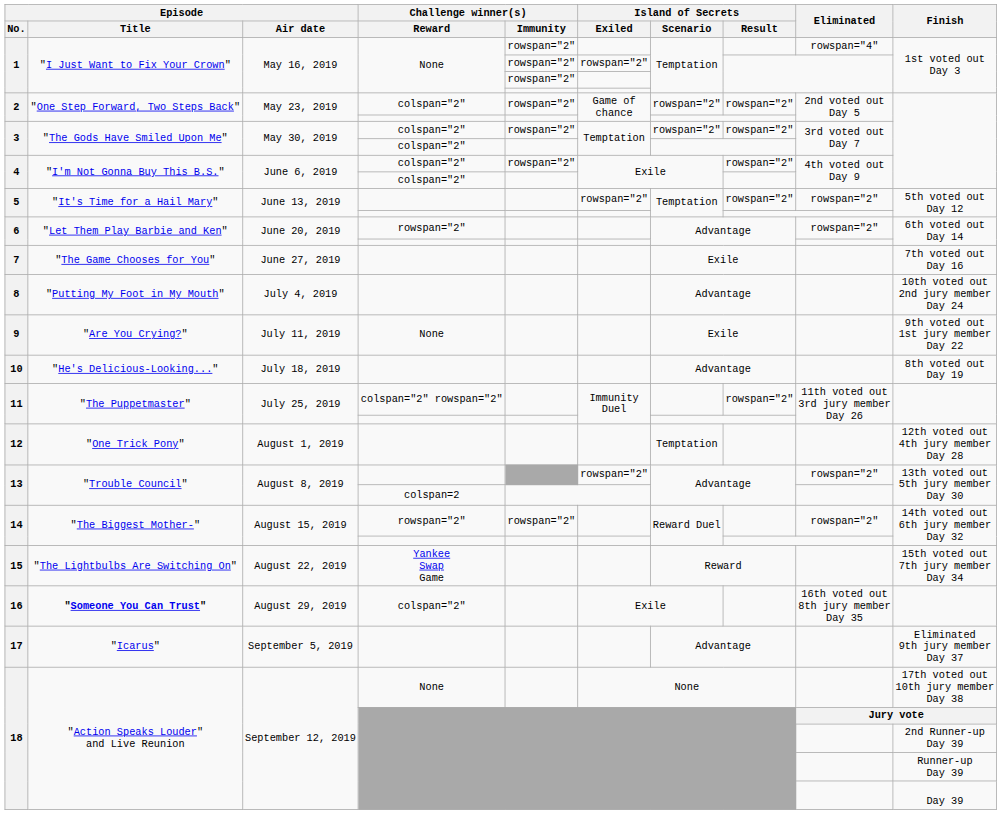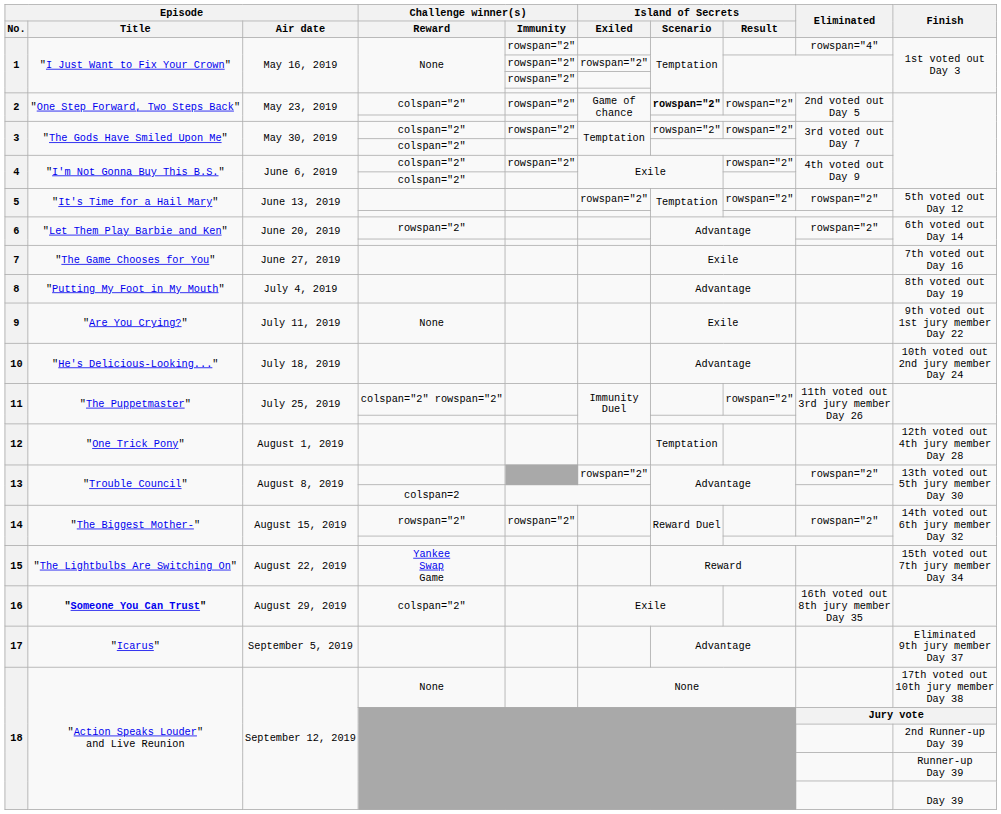 <table class="wikitable" style="margin:auto; text-align:center">
 <tr>
 <th colspan=3>Episode</th>
 <th colspan=2>Challenge winner(s)</th>
 <th colspan="3">Island of Secrets</th>
 <th rowspan="2">Eliminated</th>
 <th rowspan="2">Finish</th>
 </tr>
 <tr>
 <th>No.</th>
 <th>Title</th>
 <th>Air date</th>
 <th>Reward</th>
 <th>Immunity</th>
 <th>Exiled</th>
 <th>Scenario</th>
 <th>Result</th>
 </tr>
 <tr>
 <th rowspan="4">1</th>
 <td rowspan="4">"<a href='#'>I Just Want to Fix Your Crown</a>"</td>
 <td rowspan="4">May 16, 2019</td>
 <td rowspan="4">None</td>
 <td>rowspan="2" </td>
 <td></td>
 <td rowspan="4">Temptation</td>
 <td></td>
 <td>rowspan="4" </td>
 <td rowspan="4">1st voted out<br>Day 3</td>
 </tr>
 <tr>
 <td>rowspan="2" </td>
 <td>rowspan="2" </td>
 </tr>
 <tr>
 <td>rowspan="2" </td>
 </tr>
 <tr>
 <td></td>
 <td></td>
 </tr>
 <tr>
 <th rowspan="2">2</th>
 <td rowspan="2">"<a href='#'>One Step Forward, Two Steps Back</a>"</td>
 <td rowspan="2">May 23, 2019</td>
 <td>colspan="2" </td>
 <td>rowspan="2" </td>
 <td rowspan="2">Game of<br>chance</td>
-<td>rowspan="2" </td>
+<td><strong>rowspan="2" </strong></td>
 <td>rowspan="2" </td>
 <td rowspan="2">2nd voted out<br>Day 5</td>
 </tr>
 <tr>
 <td></td>
 <td></td>
 </tr>
 <tr>
 <th rowspan="2">3</th>
 <td rowspan="2">"<a href='#'>The Gods Have Smiled Upon Me</a>"</td>
 <td rowspan="2">May 30, 2019</td>
 <td>colspan="2" </td>
 <td>rowspan="2" </td>
 <td rowspan="2">Temptation</td>
 <td>rowspan="2" </td>
 <td>rowspan="2" </td>
 <td rowspan="2">3rd voted out<br>Day 7</td>
 </tr>
 <tr>
 <td>colspan="2" </td>
 </tr>
 <tr>
 <th rowspan="2">4</th>
 <td rowspan="2">"<a href='#'>I'm Not Gonna Buy This B.S.</a>"</td>
 <td rowspan="2">June 6, 2019</td>
 <td>colspan="2" </td>
 <td>rowspan="2" </td>
 <td colspan="2" rowspan="2">Exile</td>
 <td>rowspan="2" </td>
 <td rowspan="2">4th voted out<br>Day 9</td>
 </tr>
 <tr>
 <td>colspan="2" </td>
 </tr>
 <tr>
 <th rowspan="2">5</th>
 <td rowspan="2">"<a href='#'>It's Time for a Hail Mary</a>"</td>
 <td rowspan="2">June 13, 2019</td>
 <td></td>
 <td></td>
 <td>rowspan="2" </td>
 <td rowspan="2">Temptation</td>
 <td>rowspan="2" </td>
 <td>rowspan="2" </td>
 <td rowspan="2">5th voted out<br>Day 12</td>
 </tr>
 <tr>
 <td></td>
 <td></td>
 </tr>
 <tr>
 <th rowspan="2">6</th>
 <td rowspan="2">"<a href='#'>Let Them Play Barbie and Ken</a>"</td>
 <td rowspan="2">June 20, 2019</td>
 <td>rowspan="2" </td>
 <td></td>
 <td></td>
 <td colspan="2" rowspan="2">Advantage</td>
 <td>rowspan="2" </td>
 <td rowspan="2">6th voted out<br>Day 14</td>
 </tr>
 <tr>
 <td></td>
 <td></td>
 </tr>
 <tr>
 <th>7</th>
 <td>"<a href='#'>The Game Chooses for You</a>"</td>
 <td>June 27, 2019</td>
 <td></td>
 <td></td>
 <td></td>
 <td colspan="2">Exile</td>
 <td></td>
 <td>7th voted out<br>Day 16</td>
 </tr>
 <tr>
 <th>8</th>
 <td>"<a href='#'>Putting My Foot in My Mouth</a>"</td>
 <td>July 4, 2019</td>
 <td></td>
 <td></td>
 <td></td>
 <td colspan="2">Advantage</td>
 <td></td>
-<td>10th voted out<br>2nd jury member<br>Day 24</td>
+<td>8th voted out<br>Day 19</td>
 </tr>
 <tr>
 <th>9</th>
 <td>"<a href='#'>Are You Crying?</a>"</td>
 <td>July 11, 2019</td>
 <td>None</td>
 <td></td>
 <td></td>
 <td colspan="2">Exile</td>
 <td></td>
 <td>9th voted out<br>1st jury member<br>Day 22</td>
 </tr>
 <tr>
 <th>10</th>
 <td>"<a href='#'>He's Delicious-Looking...</a>"</td>
 <td>July 18, 2019</td>
 <td></td>
 <td></td>
 <td></td>
 <td colspan="2">Advantage</td>
 <td></td>
-<td>8th voted out<br>Day 19</td>
+<td>10th voted out<br>2nd jury member<br>Day 24</td>
 </tr>
 <tr>
 <th rowspan="2">11</th>
 <td rowspan="2">"<a href='#'>The Puppetmaster</a>"</td>
 <td rowspan="2">July 25, 2019</td>
 <td>colspan="2" rowspan="2" </td>
 <td></td>
 <td rowspan="2">Immunity<br>Duel</td>
 <td></td>
 <td>rowspan="2" </td>
 <td rowspan="2">11th voted out<br>3rd jury member<br>Day 26</td>
 </tr>
 <tr>
 <td></td>
 <td></td>
 </tr>
 <tr>
 <th>12</th>
 <td>"<a href='#'>One Trick Pony</a>"</td>
 <td>August 1, 2019</td>
 <td></td>
 <td></td>
 <td></td>
 <td>Temptation</td>
 <td></td>
 <td></td>
 <td>12th voted out<br>4th jury member<br>Day 28</td>
 </tr>
 <tr>
 <th rowspan="2">13</th>
 <td rowspan="2">"<a href='#'>Trouble Council</a>"</td>
 <td rowspan="2">August 8, 2019</td>
 <td></td>
 <td bgcolor="darkgray"></td>
 <td>rowspan="2" </td>
 <td rowspan="2"colspan="2">Advantage</td>
 <td>rowspan="2" </td>
 <td rowspan="2">13th voted out<br>5th jury member<br>Day 30</td>
 </tr>
 <tr>
 <td>colspan=2 </td>
 </tr>
 <tr>
 <th rowspan="2">14</th>
 <td rowspan="2">"<a href='#'>The Biggest Mother-</a>"</td>
 <td rowspan="2">August 15, 2019</td>
 <td>rowspan="2" </td>
 <td>rowspan="2" </td>
 <td></td>
 <td rowspan="2">Reward Duel</td>
 <td></td>
 <td>rowspan="2"</td>
 <td rowspan="2">14th voted out<br>6th jury member<br>Day 32</td>
 </tr>
 <tr>
 <td></td>
 <td></td>
 </tr>
 <tr>
 <th>15</th>
 <td>"<a href='#'>The Lightbulbs Are Switching On</a>"</td>
 <td>August 22, 2019</td>
 <td><a href='#'>Yankee<br>Swap</a><br>Game</td>
 <td></td>
 <td></td>
 <td colspan="2">Reward</td>
 <td></td>
 <td>15th voted out<br>7th jury member<br>Day 34</td>
 </tr>
 <tr>
 <th>16</th>
 <td><strong>"<a href='#'>Someone You Can Trust</a>"</strong></td>
 <td>August 29, 2019</td>
 <td>colspan="2"</td>
 <td></td>
 <td colspan="2">Exile</td>
 <td></td>
 <td>16th voted out<br>8th jury member<br>Day 35</td>
 </tr>
 <tr>
 <th>17</th>
 <td>"<a href='#'>Icarus</a>"</td>
 <td>September 5, 2019</td>
 <td></td>
 <td></td>
 <td></td>
 <td colspan="2">Advantage</td>
 <td></td>
 <td>Eliminated<br>9th jury member<br>Day 37</td>
 </tr>
 <tr>
 <th rowspan="5">18</th>
 <td rowspan="5">"<a href='#'>Action Speaks Louder</a>"<br>and Live Reunion</td>
 <td rowspan="5">September 12, 2019</td>
 <td>None</td>
 <td></td>
 <td colspan="3">None</td>
 <td></td>
 <td>17th voted out<br>10th jury member<br>Day 38</td>
 </tr>
 <tr>
 <td rowspan="4" colspan="5" bgcolor="darkgray"></td>
 <th colspan="2"><strong>Jury vote</strong></th>
 </tr>
 <tr>
 <td></td>
 <td>2nd Runner-up<br>Day 39</td>
 </tr>
 <tr>
 <td></td>
 <td>Runner-up<br>Day 39</td>
 </tr>
 <tr>
 <td></td>
 <td><br>Day 39</td>
 </tr>
 </table>
